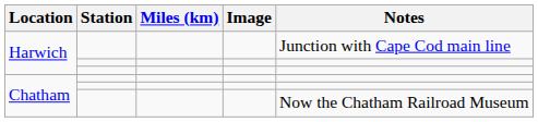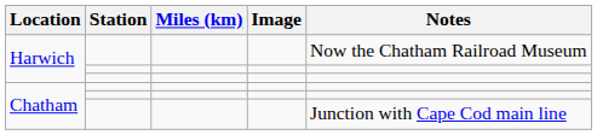 <table class="wikitable">
 <tr>
 <th>Location</th>
 <th>Station</th>
 <th><a href='#'>Miles (km)</a></th>
 <th>Image</th>
 <th>Notes</th>
 </tr>
 <tr>
 <td rowspan=3><a href='#'>Harwich</a></td>
 <td></td>
 <td></td>
 <td></td>
-<td>Junction with <a href='#'>Cape Cod main line</a></td>
+<td>Now the Chatham Railroad Museum</td>
 </tr>
 <tr>
 <td></td>
 <td></td>
 <td></td>
 <td></td>
 </tr>
 <tr>
 <td></td>
 <td></td>
 <td></td>
 <td></td>
 </tr>
 <tr>
 <td rowspan=3><a href='#'>Chatham</a></td>
 <td></td>
 <td></td>
 <td></td>
 <td></td>
 </tr>
 <tr>
 <td></td>
 <td></td>
 <td></td>
 <td></td>
 </tr>
 <tr>
 <td></td>
 <td></td>
 <td></td>
-<td>Now the Chatham Railroad Museum</td>
+<td>Junction with <a href='#'>Cape Cod main line</a></td>
 </tr>
 </table>
